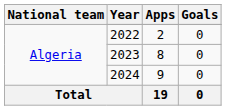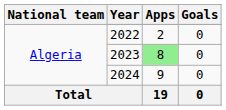 <table class="wikitable" style="text-align: center;">
 <tr>
 <th>National team</th>
 <th>Year</th>
 <th>Apps</th>
 <th>Goals</th>
 </tr>
 <tr>
 <td rowspan="4"><a href='#'>Algeria</a></td>
 </tr>
 <tr>
 <td>2022</td>
 <td>2</td>
 <td>0</td>
 </tr>
 <tr>
 <td>2023</td>
-<td>8</td>
+<td style="background: lightgreen;">8</td>
 <td>0</td>
 </tr>
 <tr>
 <td>2024</td>
 <td>9</td>
 <td>0</td>
 </tr>
 <tr>
 <th colspan="2">Total</th>
 <th>19</th>
 <th>0</th>
 </tr>
 </table>
